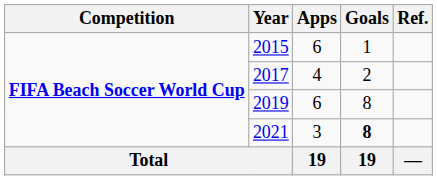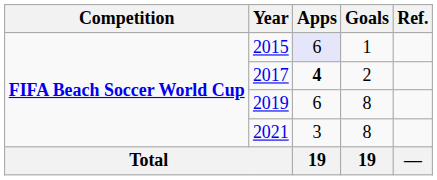 <table class="wikitable" style="text-align:center;">
 <tr>
 <th>Competition</th>
 <th>Year</th>
 <th>Apps</th>
 <th>Goals</th>
 <th>Ref.</th>
 </tr>
 <tr>
 <td rowspan="4"><strong><a href='#'>FIFA Beach Soccer World Cup</a></strong></td>
 <td> <a href='#'>2015</a></td>
-<td>6</td>
+<td style="background: lavender;">6</td>
 <td>1</td>
 <td></td>
 </tr>
 <tr>
 <td> <a href='#'>2017</a></td>
-<td>4</td>
+<td><strong>4</strong></td>
 <td>2</td>
 <td></td>
 </tr>
 <tr>
 <td> <a href='#'>2019</a></td>
 <td>6</td>
 <td>8</td>
 <td></td>
 </tr>
 <tr>
 <td> <a href='#'>2021</a></td>
 <td>3</td>
-<td><strong>8</strong></td>
+<td>8</td>
 <td></td>
 </tr>
 <tr>
 <th colspan=2>Total</th>
 <th>19</th>
 <th>19</th>
 <th>—</th>
 </tr>
 </table>
